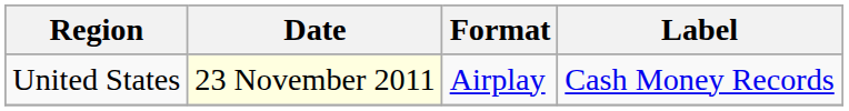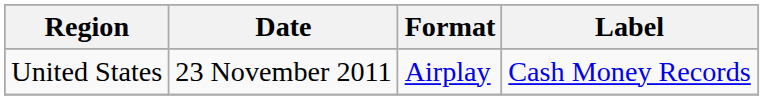 <table class=wikitable>
 <tr>
 <th>Region</th>
 <th>Date</th>
 <th>Format</th>
 <th>Label</th>
 </tr>
 <tr>
 <td>United States</td>
-<td style="background: lightyellow;">23 November 2011</td>
+<td>23 November 2011</td>
 <td><a href='#'>Airplay</a></td>
 <td><a href='#'>Cash Money Records</a></td>
 </tr>
 <tr>
 </tr>
 </table>
